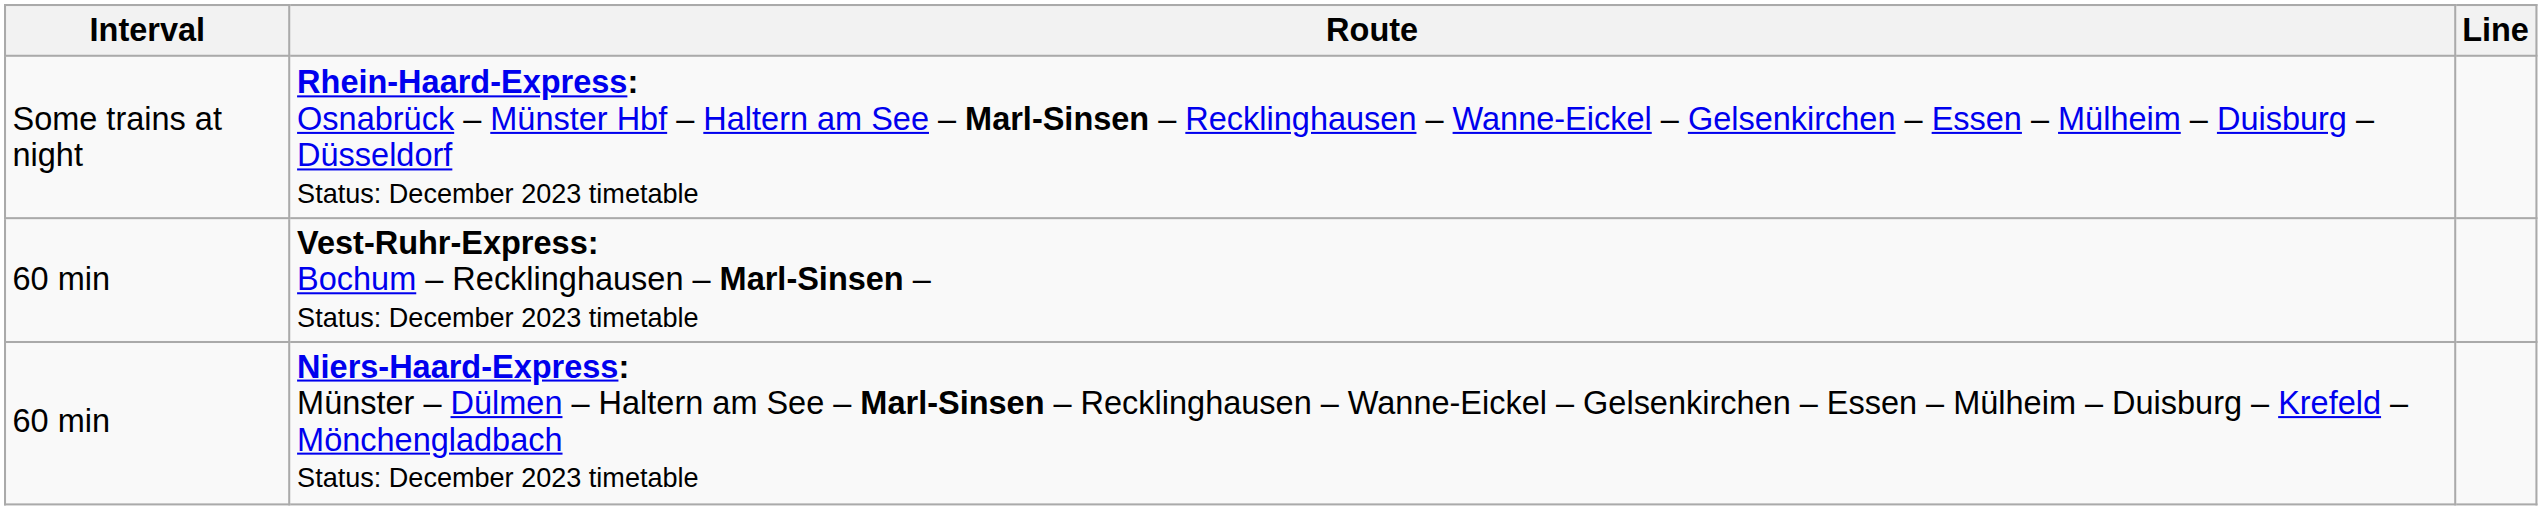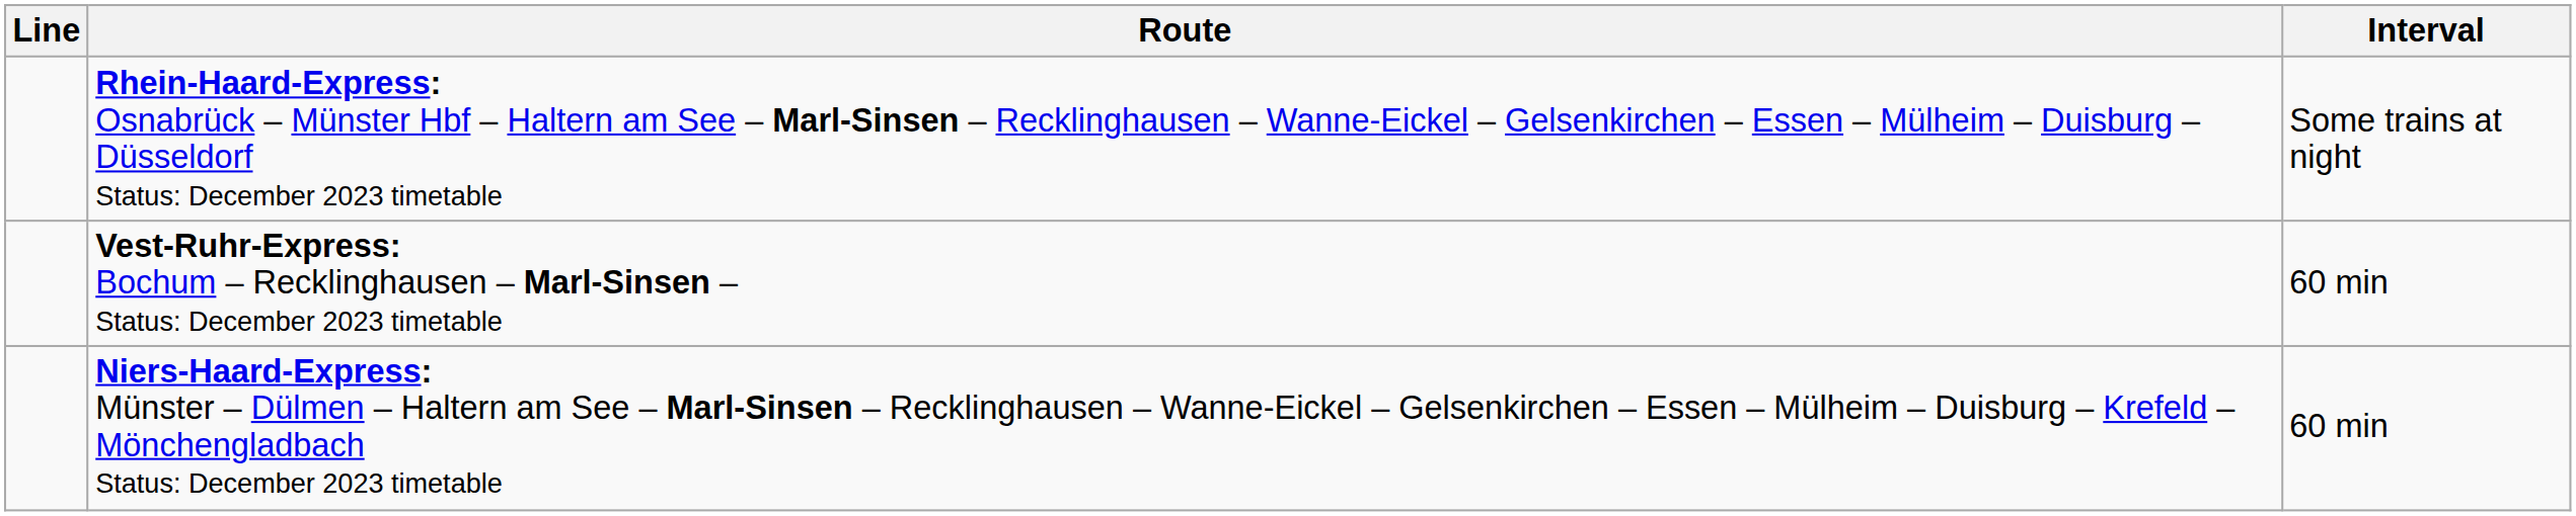 <table class="wikitable">
 <tr class="hintergrundfarbe6">
+<th>Line</th>
+<th>Route</th>
 <th>Interval</th>
-<th>Route</th>
-<th>Line</th>
 </tr>
 <tr>
+<td></td>
+<td><strong><a href='#'>Rhein-Haard-Express</a>:</strong><br><a href='#'>Osnabrück</a> – <a href='#'>Münster Hbf</a> – <a href='#'>Haltern am See</a> – <strong>Marl-Sinsen</strong> – <a href='#'>Recklinghausen</a> – <a href='#'>Wanne-Eickel</a> – <a href='#'>Gelsenkirchen</a> – <a href='#'>Essen</a> – <a href='#'>Mülheim</a> – <a href='#'>Duisburg</a> – <a href='#'>Düsseldorf</a><br><small>Status: December 2023 timetable</small></td>
 <td>Some trains at night</td>
-<td><strong><a href='#'>Rhein-Haard-Express</a>:</strong><br><a href='#'>Osnabrück</a> – <a href='#'>Münster Hbf</a> – <a href='#'>Haltern am See</a> – <strong>Marl-Sinsen</strong> – <a href='#'>Recklinghausen</a> – <a href='#'>Wanne-Eickel</a> – <a href='#'>Gelsenkirchen</a> – <a href='#'>Essen</a> – <a href='#'>Mülheim</a> – <a href='#'>Duisburg</a> – <a href='#'>Düsseldorf</a><br><small>Status: December 2023 timetable</small></td>
-<td></td>
 </tr>
 <tr>
+<td></td>
+<td><strong>Vest-Ruhr-Express:</strong><br><a href='#'>Bochum</a> – Recklinghausen – <strong>Marl-Sinsen</strong> – <br><small>Status: December 2023 timetable</small></td>
 <td>60 min</td>
-<td><strong>Vest-Ruhr-Express:</strong><br><a href='#'>Bochum</a> – Recklinghausen – <strong>Marl-Sinsen</strong> – <br><small>Status: December 2023 timetable</small></td>
-<td></td>
 </tr>
 <tr>
+<td></td>
+<td><strong><a href='#'>Niers-Haard-Express</a>:</strong><br>Münster – <a href='#'>Dülmen</a> – Haltern am See – <strong>Marl-Sinsen</strong> – Recklinghausen – Wanne-Eickel – Gelsenkirchen – Essen – Mülheim – Duisburg – <a href='#'>Krefeld</a> – <a href='#'>Mönchengladbach</a><br><small>Status: December 2023 timetable</small></td>
 <td>60 min</td>
-<td><strong><a href='#'>Niers-Haard-Express</a>:</strong><br>Münster – <a href='#'>Dülmen</a> – Haltern am See – <strong>Marl-Sinsen</strong> – Recklinghausen – Wanne-Eickel – Gelsenkirchen – Essen – Mülheim – Duisburg – <a href='#'>Krefeld</a> – <a href='#'>Mönchengladbach</a><br><small>Status: December 2023 timetable</small></td>
-<td></td>
 </tr>
 </table>
